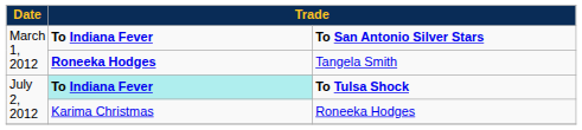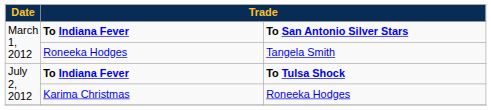 <table class="wikitable" style="width:80%; margin:1em auto;">
 <tr>
 <th style="background:#092C57;color:#FFC322; width=125">Date</th>
 <th style="background:#092C57;color:#FFC322;" colspan=2>Trade</th>
 </tr>
 <tr>
 <td rowspan=2>March 1, 2012</td>
 <td width=375><strong>To <a href='#'>Indiana Fever</a></strong></td>
 <td width=375><strong>To <a href='#'>San Antonio Silver Stars</a></strong></td>
 </tr>
 <tr>
-<td><strong><a href='#'>Roneeka Hodges</a></strong></td>
+<td><a href='#'>Roneeka Hodges</a></td>
 <td><a href='#'>Tangela Smith</a></td>
 </tr>
 <tr>
 <td rowspan=2>July 2, 2012</td>
-<td width=375 style="background: paleturquoise;"><strong>To <a href='#'>Indiana Fever</a></strong></td>
+<td width=375><strong>To <a href='#'>Indiana Fever</a></strong></td>
 <td width=375><strong>To <a href='#'>Tulsa Shock</a></strong></td>
 </tr>
 <tr>
 <td><a href='#'>Karima Christmas</a></td>
 <td><a href='#'>Roneeka Hodges</a></td>
 </tr>
 <tr>
 </tr>
 </table>
